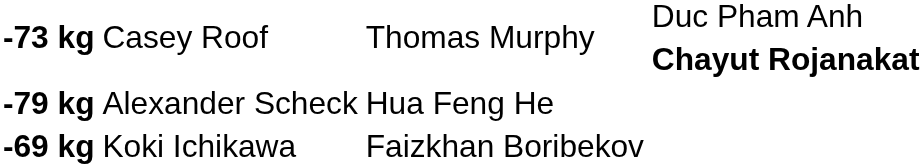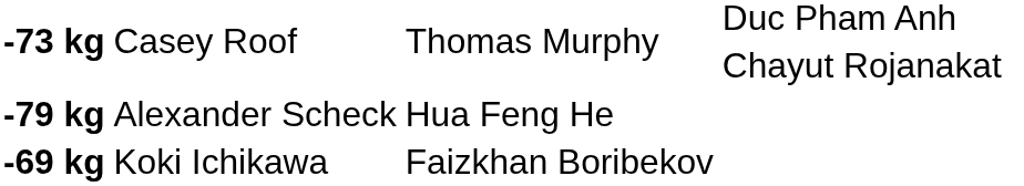 <table>
 <tr>
 <th scope=row rowspan=2>-73 kg</th>
 <td rowspan=2> Casey Roof</td>
 <td rowspan=2> Thomas Murphy</td>
 <td> Duc Pham Anh</td>
 </tr>
 <tr>
-<td><strong> Chayut Rojanakat</strong></td>
+<td> Chayut Rojanakat</td>
 </tr>
 <tr>
 <th scope=row rowspan=2>-79 kg</th>
 <td rowspan=2> Alexander Scheck</td>
 <td rowspan=2> Hua Feng He</td>
 <td></td>
 </tr>
 <tr>
 <td></td>
 </tr>
 <tr>
 <th scope=row rowspan=2>-69 kg</th>
 <td rowspan=2> Koki Ichikawa</td>
 <td rowspan=2> Faizkhan Boribekov</td>
 <td></td>
 </tr>
 <tr>
 <td></td>
 </tr>
 <tr>
 </tr>
 <tr>
 </tr>
 </table>
